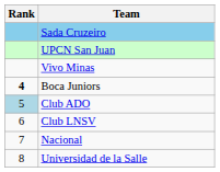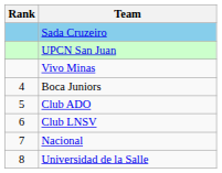 <table class="wikitable" style="text-align: center;">
 <tr>
 <th width=40>Rank</th>
 <th width=240>Team</th>
 </tr>
 <tr bgcolor=#87ceeb>
 <td></td>
 <td align=left> <a href='#'>Sada Cruzeiro</a></td>
 </tr>
 <tr bgcolor=#ccffcc>
 <td></td>
 <td align=left> <a href='#'>UPCN San Juan</a></td>
 </tr>
 <tr>
 <td></td>
 <td align=left> <a href='#'>Vivo Minas</a></td>
 </tr>
 <tr>
-<td><strong>4</strong></td>
+<td>4</td>
 <td align=left> Boca Juniors</td>
 </tr>
 <tr>
-<td style="background: lightblue;">5</td>
+<td>5</td>
 <td align=left> <a href='#'>Club ADO</a></td>
 </tr>
 <tr>
 <td>6</td>
 <td align=left> <a href='#'>Club LNSV</a></td>
 </tr>
 <tr>
 <td>7</td>
 <td align=left> <a href='#'>Nacional</a></td>
 </tr>
 <tr>
 <td>8</td>
 <td align=left> <a href='#'>Universidad de la Salle</a></td>
 </tr>
 </table>
